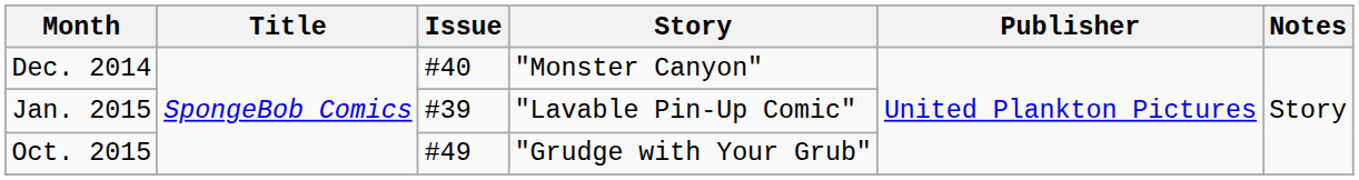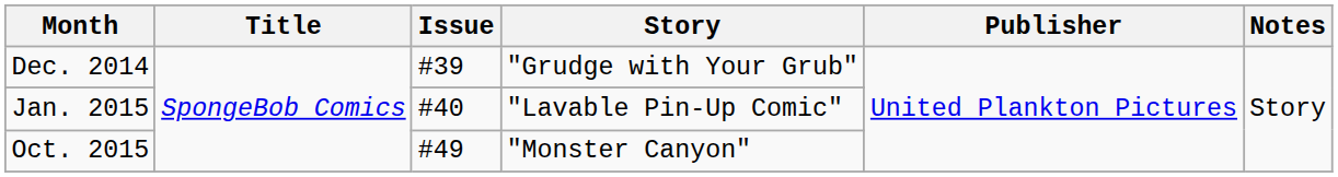 <table class="wikitable sortable">
 <tr>
 <th>Month</th>
 <th>Title</th>
 <th>Issue</th>
 <th>Story</th>
 <th>Publisher</th>
 <th>Notes</th>
 </tr>
 <tr>
 <td>Dec. 2014</td>
 <td rowspan="3"><em><a href='#'>SpongeBob Comics</a></em></td>
-<td>#40</td>
-<td>"Monster Canyon"</td>
+<td>#39</td>
+<td>"Grudge with Your Grub"</td>
 <td rowspan="3"><a href='#'>United Plankton Pictures</a></td>
 <td rowspan="3">Story</td>
 </tr>
 <tr>
 <td>Jan. 2015</td>
-<td>#39</td>
+<td>#40</td>
 <td>"Lavable Pin-Up Comic"</td>
 </tr>
 <tr>
 <td>Oct. 2015</td>
 <td>#49</td>
-<td>"Grudge with Your Grub"</td>
+<td>"Monster Canyon"</td>
 </tr>
 </table>
